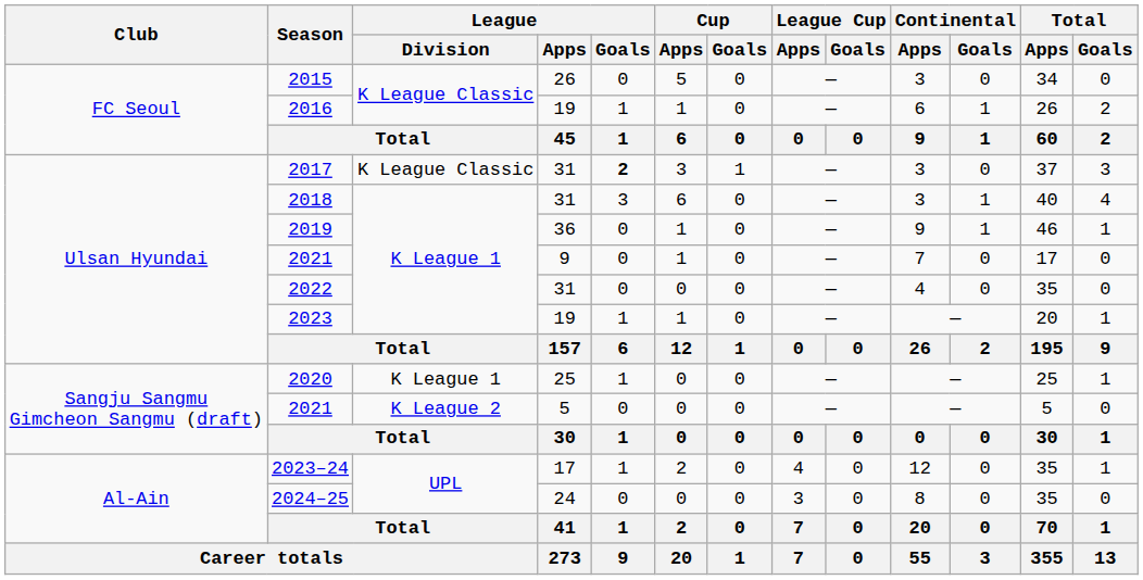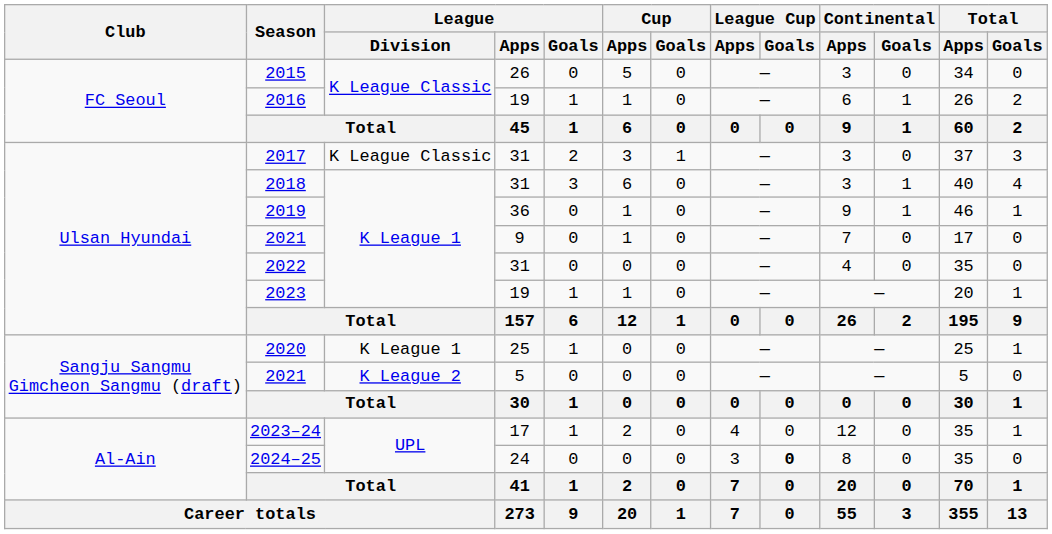 <table class="wikitable" style="text-align:center">
 <tr>
 <th rowspan=2>Club</th>
 <th rowspan=2>Season</th>
 <th colspan=3>League</th>
 <th colspan=2>Cup</th>
 <th colspan=2>League Cup</th>
 <th colspan=2>Continental</th>
 <th colspan=2>Total</th>
 </tr>
 <tr>
 <th>Division</th>
 <th>Apps</th>
 <th>Goals</th>
 <th>Apps</th>
 <th>Goals</th>
 <th>Apps</th>
 <th>Goals</th>
 <th>Apps</th>
 <th>Goals</th>
 <th>Apps</th>
 <th>Goals</th>
 </tr>
 <tr>
 <td rowspan=3><a href='#'>FC Seoul</a></td>
 <td><a href='#'>2015</a></td>
 <td rowspan=2><a href='#'>K League Classic</a></td>
 <td>26</td>
 <td>0</td>
 <td>5</td>
 <td>0</td>
 <td colspan=2>—</td>
 <td>3</td>
 <td>0</td>
 <td>34</td>
 <td>0</td>
 </tr>
 <tr>
 <td><a href='#'>2016</a></td>
 <td>19</td>
 <td>1</td>
 <td>1</td>
 <td>0</td>
 <td colspan=2>—</td>
 <td>6</td>
 <td>1</td>
 <td>26</td>
 <td>2</td>
 </tr>
 <tr>
 <th colspan=2>Total</th>
 <th>45</th>
 <th>1</th>
 <th>6</th>
 <th>0</th>
 <th>0</th>
 <th>0</th>
 <th>9</th>
 <th>1</th>
 <th>60</th>
 <th>2</th>
 </tr>
 <tr>
 <td rowspan=7><a href='#'>Ulsan Hyundai</a></td>
 <td><a href='#'>2017</a></td>
 <td>K League Classic</td>
 <td>31</td>
-<td><strong>2</strong></td>
+<td>2</td>
 <td>3</td>
 <td>1</td>
 <td colspan=2>—</td>
 <td>3</td>
 <td>0</td>
 <td>37</td>
 <td>3</td>
 </tr>
 <tr>
 <td><a href='#'>2018</a></td>
 <td rowspan=5><a href='#'>K League 1</a></td>
 <td>31</td>
 <td>3</td>
 <td>6</td>
 <td>0</td>
 <td colspan=2>—</td>
 <td>3</td>
 <td>1</td>
 <td>40</td>
 <td>4</td>
 </tr>
 <tr>
 <td><a href='#'>2019</a></td>
 <td>36</td>
 <td>0</td>
 <td>1</td>
 <td>0</td>
 <td colspan=2>—</td>
 <td>9</td>
 <td>1</td>
 <td>46</td>
 <td>1</td>
 </tr>
 <tr>
 <td><a href='#'>2021</a></td>
 <td>9</td>
 <td>0</td>
 <td>1</td>
 <td>0</td>
 <td colspan=2>—</td>
 <td>7</td>
 <td>0</td>
 <td>17</td>
 <td>0</td>
 </tr>
 <tr>
 <td><a href='#'>2022</a></td>
 <td>31</td>
 <td>0</td>
 <td>0</td>
 <td>0</td>
 <td colspan=2>—</td>
 <td>4</td>
 <td>0</td>
 <td>35</td>
 <td>0</td>
 </tr>
 <tr>
 <td><a href='#'>2023</a></td>
 <td>19</td>
 <td>1</td>
 <td>1</td>
 <td>0</td>
 <td colspan=2>—</td>
 <td colspan=2>—</td>
 <td>20</td>
 <td>1</td>
 </tr>
 <tr>
 <th colspan=2>Total</th>
 <th>157</th>
 <th>6</th>
 <th>12</th>
 <th>1</th>
 <th>0</th>
 <th>0</th>
 <th>26</th>
 <th>2</th>
 <th>195</th>
 <th>9</th>
 </tr>
 <tr>
 <td rowspan=3><a href='#'>Sangju Sangmu</a><br><a href='#'>Gimcheon Sangmu</a> (<a href='#'>draft</a>)</td>
 <td><a href='#'>2020</a></td>
 <td>K League 1</td>
 <td>25</td>
 <td>1</td>
 <td>0</td>
 <td>0</td>
 <td colspan=2>—</td>
 <td colspan=2>—</td>
 <td>25</td>
 <td>1</td>
 </tr>
 <tr>
 <td><a href='#'>2021</a></td>
 <td><a href='#'>K League 2</a></td>
 <td>5</td>
 <td>0</td>
 <td>0</td>
 <td>0</td>
 <td colspan=2>—</td>
 <td colspan=2>—</td>
 <td>5</td>
 <td>0</td>
 </tr>
 <tr>
 <th colspan=2>Total</th>
 <th>30</th>
 <th>1</th>
 <th>0</th>
 <th>0</th>
 <th>0</th>
 <th>0</th>
 <th>0</th>
 <th>0</th>
 <th>30</th>
 <th>1</th>
 </tr>
 <tr>
 <td rowspan=3><a href='#'>Al-Ain</a></td>
 <td><a href='#'>2023–24</a></td>
 <td rowspan=2><a href='#'>UPL</a></td>
 <td>17</td>
 <td>1</td>
 <td>2</td>
 <td>0</td>
 <td>4</td>
 <td>0</td>
 <td>12</td>
 <td>0</td>
 <td>35</td>
 <td>1</td>
 </tr>
 <tr>
 <td><a href='#'>2024–25</a></td>
 <td>24</td>
 <td>0</td>
 <td>0</td>
 <td>0</td>
 <td>3</td>
-<td>0</td>
+<td><strong>0</strong></td>
 <td>8</td>
 <td>0</td>
 <td>35</td>
 <td>0</td>
 </tr>
 <tr>
 <th colspan=2>Total</th>
 <th>41</th>
 <th>1</th>
 <th>2</th>
 <th>0</th>
 <th>7</th>
 <th>0</th>
 <th>20</th>
 <th>0</th>
 <th>70</th>
 <th>1</th>
 </tr>
 <tr>
 <th colspan=3>Career totals</th>
 <th>273</th>
 <th>9</th>
 <th>20</th>
 <th>1</th>
 <th>7</th>
 <th>0</th>
 <th>55</th>
 <th>3</th>
 <th>355</th>
 <th>13</th>
 </tr>
 </table>
